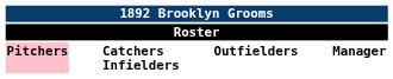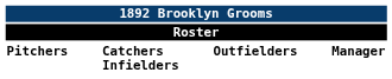 <table class="toccolours" style="font-size: 95%;">
 <tr>
 <th colspan="10" style="background-color: #083c6b; color: white; text-align: center;">1892 Brooklyn Grooms</th>
 </tr>
 <tr>
 <td colspan="10" style="background-color: black; color: white; text-align: center;"><strong>Roster</strong></td>
 </tr>
 <tr>
-<td valign="top" style="background: pink;"><strong>Pitchers</strong><br>    </td>
+<td valign="top"><strong>Pitchers</strong><br>    </td>
 <td width="25px"></td>
 <td valign="top"><strong>Catchers</strong><br>  <strong>Infielders</strong>     </td>
 <td width="25px"></td>
 <td valign="top"><strong>Outfielders</strong><br>    </td>
 <td width="25px"></td>
 <td valign="top"><strong>Manager</strong><br></td>
 </tr>
 </table>
